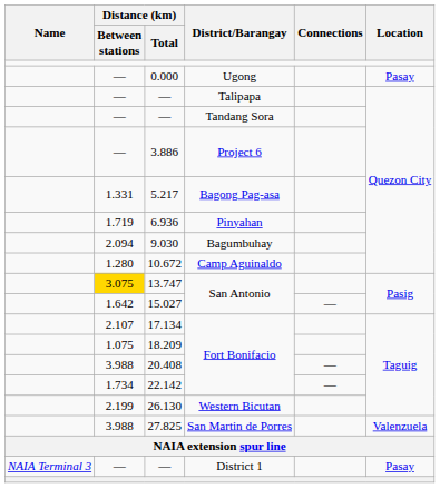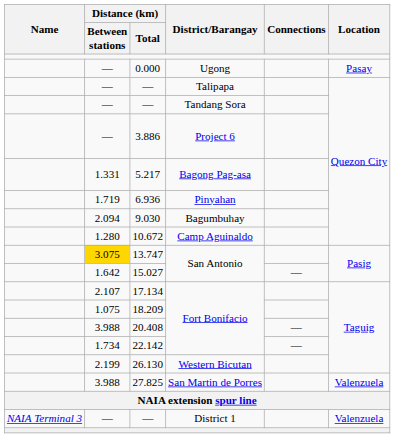 <table class="wikitable collapsible" style="font-size:95%; border: none; text-align:center">
 <tr>
 <th rowspan="2">Name</th>
 <th colspan="2">Distance (km)</th>
 <th rowspan="2">District/Barangay</th>
 <th rowspan="2">Connections</th>
 <th rowspan="2">Location</th>
 </tr>
 <tr>
 <th>Between<br>stations</th>
 <th>Total</th>
 </tr>
 <tr style="background:#">
 <td colspan="7"></td>
 </tr>
 <tr>
 <td><em></em></td>
 <td>—</td>
 <td>0.000</td>
 <td>Ugong</td>
 <td></td>
 <td rowspan=1><a href='#'>Pasay</a></td>
 </tr>
 <tr>
 <td><em></em></td>
 <td>—</td>
 <td>—</td>
 <td>Talipapa</td>
 <td style="text-align: left"><div></div></td>
 <td rowspan="7"><a href='#'>Quezon City</a></td>
 </tr>
 <tr>
 <td><em></em></td>
 <td>—</td>
 <td>—</td>
 <td>Tandang Sora</td>
 <td style="text-align: left"></td>
 </tr>
 <tr>
 <td><em></em></td>
 <td>—</td>
 <td>3.886</td>
 <td><a href='#'>Project 6</a></td>
 <td style="text-align: left"><br><br><br></td>
 </tr>
 <tr>
 <td><em></em></td>
 <td>1.331</td>
 <td>5.217</td>
 <td><a href='#'>Bagong Pag-asa</a></td>
 <td style="text-align: left"><br><br></td>
 </tr>
 <tr>
 <td><em></em></td>
 <td>1.719</td>
 <td>6.936</td>
 <td><a href='#'>Pinyahan</a></td>
 <td style="text-align: left"></td>
 </tr>
 <tr>
 <td><em></em></td>
 <td>2.094</td>
 <td>9.030</td>
 <td>Bagumbuhay</td>
 <td style="text-align: left"><br> </td>
 </tr>
 <tr>
 <td><em></em></td>
 <td>1.280</td>
 <td>10.672</td>
 <td><a href='#'>Camp Aguinaldo</a></td>
 <td style="text-align: left"></td>
 </tr>
 <tr>
 <td><em></em></td>
 <td style="background: gold;">3.075</td>
 <td>13.747</td>
 <td rowspan="2">San Antonio</td>
 <td style="text-align: left"><br></td>
 <td rowspan="2"><a href='#'>Pasig</a></td>
 </tr>
 <tr>
 <td><em></em></td>
 <td>1.642</td>
 <td>15.027</td>
 <td>—</td>
 </tr>
 <tr>
 <td><em></em></td>
 <td>2.107</td>
 <td>17.134</td>
 <td rowspan="4"><a href='#'>Fort Bonifacio</a></td>
 <td style="text-align: left"><br></td>
 <td rowspan="5"><a href='#'>Taguig</a></td>
 </tr>
 <tr>
 <td><em></em></td>
 <td>1.075</td>
 <td>18.209</td>
 <td style="text-align: left"></td>
 </tr>
 <tr>
 <td><em></em></td>
 <td>3.988</td>
 <td>20.408</td>
 <td>—</td>
 </tr>
 <tr>
 <td><em></em></td>
 <td>1.734</td>
 <td>22.142</td>
 <td>—</td>
 </tr>
 <tr>
 <td></td>
 <td>2.199</td>
 <td>26.130</td>
 <td><a href='#'>Western Bicutan</a></td>
 <td style="text-align: left"><br></td>
 </tr>
 <tr>
 <td></td>
 <td>3.988</td>
 <td>27.825</td>
 <td><a href='#'>San Martin de Porres</a></td>
 <td style="text-align: left"><br></td>
 <td><a href='#'>Valenzuela</a></td>
 </tr>
 <tr>
 <th colspan="6">NAIA extension <a href='#'>spur line</a></th>
 </tr>
 <tr>
 <td><em><a href='#'>NAIA Terminal 3</a></em></td>
 <td>—</td>
 <td>—</td>
 <td>District 1</td>
 <td style="text-align: left"></td>
-<td rowspan=1><a href='#'>Pasay</a></td>
+<td><a href='#'>Valenzuela</a></td>
 </tr>
 <tr>
 <th colspan="6"></th>
 </tr>
 </table>
